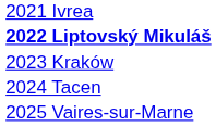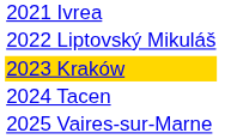 <table>
 <tr>
 <td><a href='#'>2021 Ivrea</a></td>
 <td></td>
 <td></td>
 <td></td>
 </tr>
 <tr>
-<td><strong><a href='#'>2022 Liptovský Mikuláš</a></strong></td>
+<td><a href='#'>2022 Liptovský Mikuláš</a></td>
 <td></td>
 <td></td>
 <td></td>
 </tr>
 <tr>
-<td><a href='#'>2023 Kraków</a></td>
+<td style="background: gold;"><a href='#'>2023 Kraków</a></td>
 <td></td>
 <td></td>
 <td></td>
 </tr>
 <tr>
 <td><a href='#'>2024 Tacen</a></td>
 <td></td>
 <td></td>
 <td></td>
 </tr>
 <tr>
 <td><a href='#'>2025 Vaires-sur-Marne</a></td>
 <td></td>
 <td></td>
 <td></td>
 </tr>
 </table>
